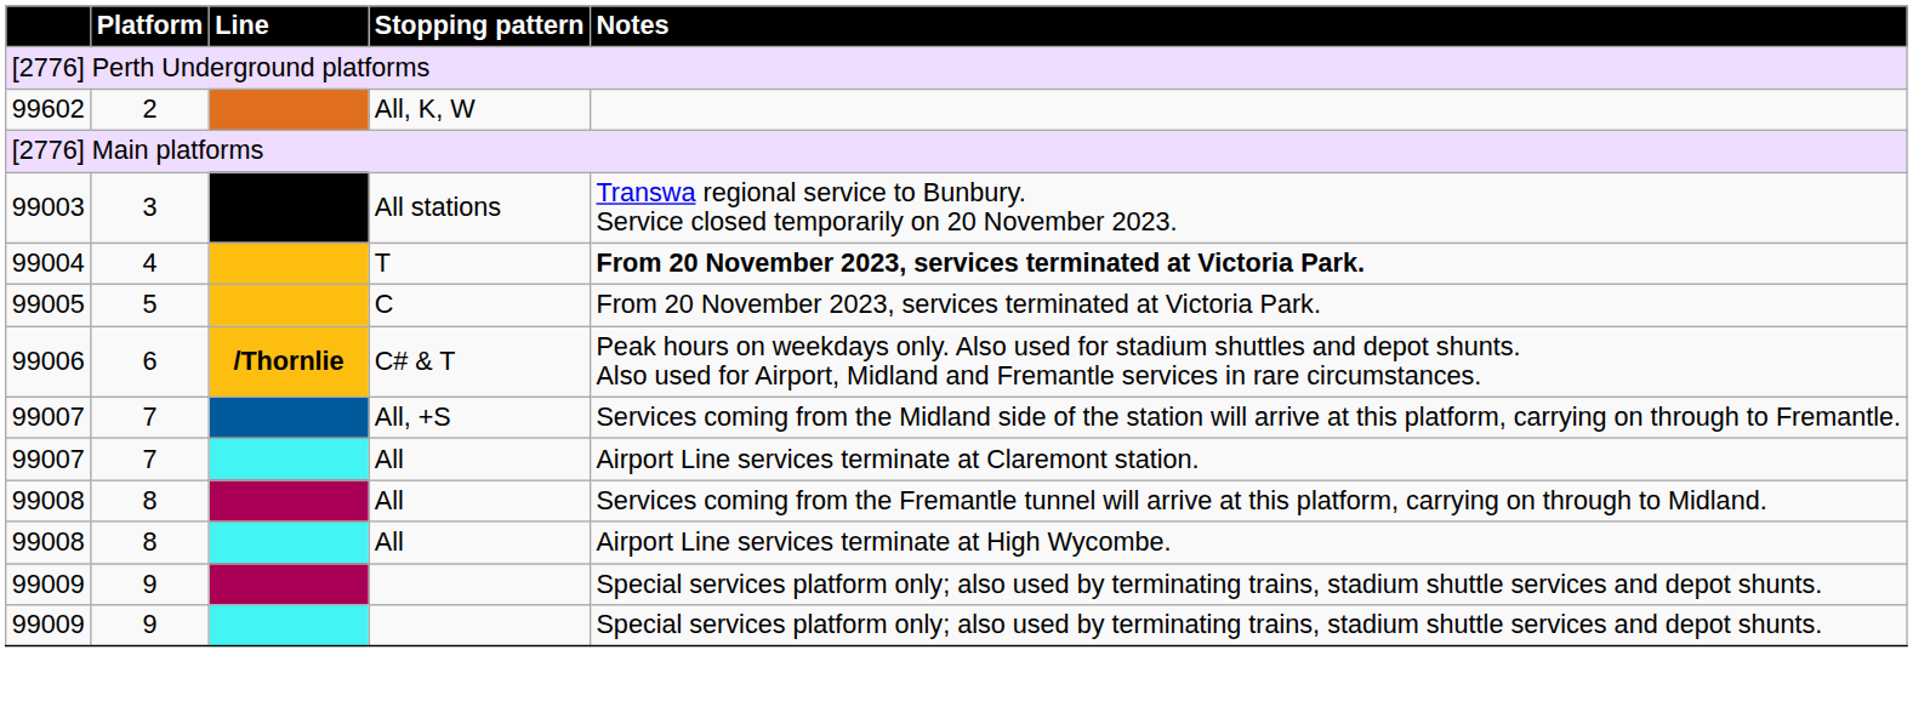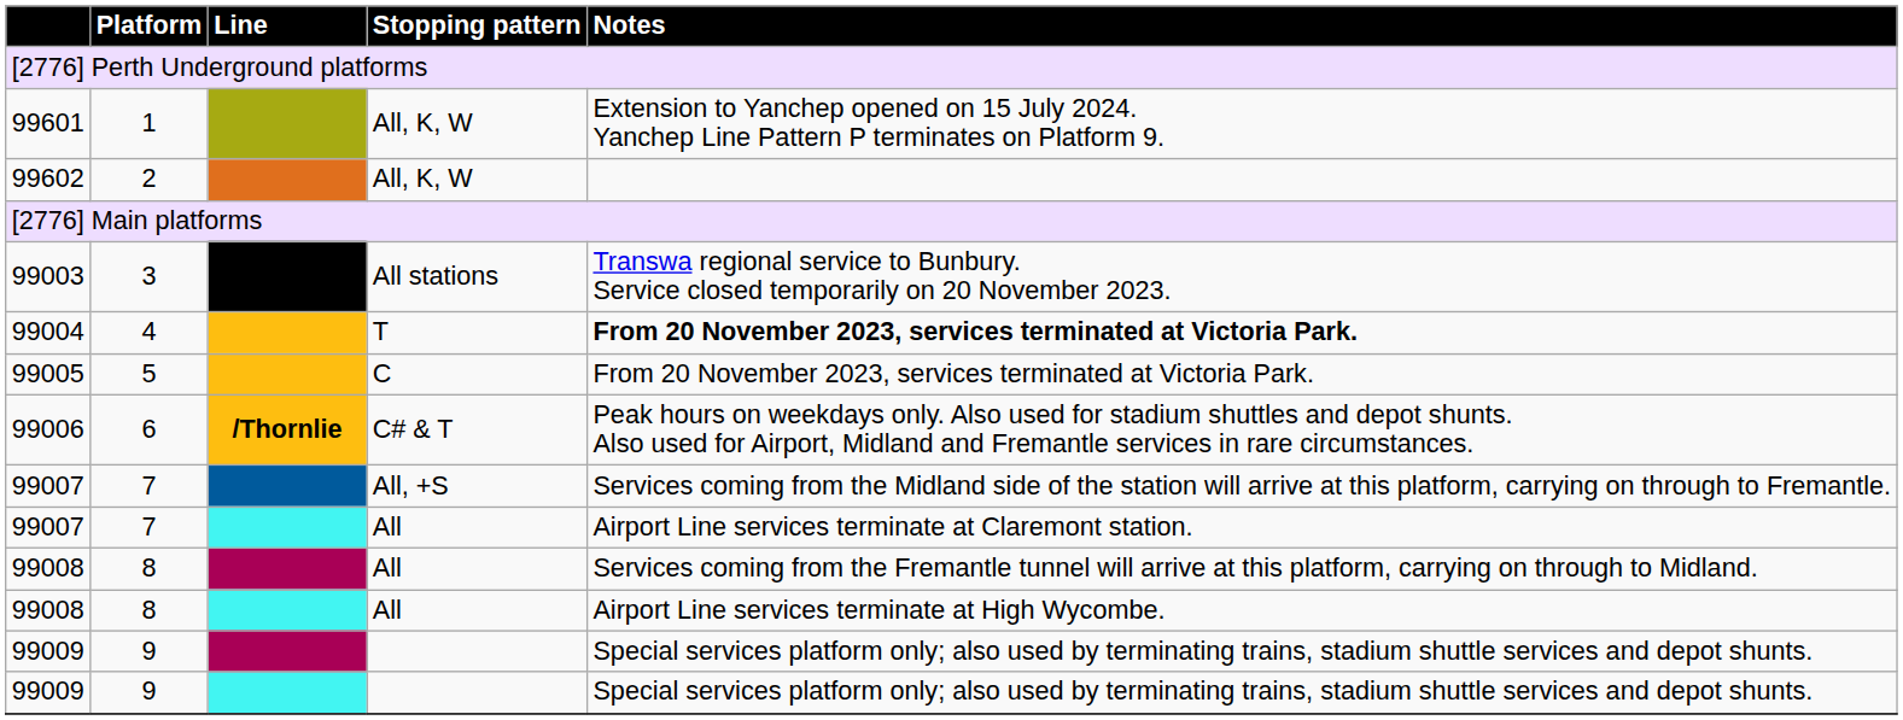 <table class="wikitable" style="float: none; margin-center: 1em; margin-bottom: 0.5em; border: black solid 1px; text-align:center;">
 <tr style="color:white;">
 <th style="background:#000000; text-align:left;"></th>
 <th style="background:#000000; text-align:left;">Platform</th>
 <th style="background:#000000; text-align:left; width:90px;">Line</th>
 <th style="background:#000000; text-align:left;">Stopping pattern</th>
 <th style="background:#000000; text-align:left;">Notes</th>
 </tr>
 <tr>
 <td colspan="5" style="background:#EDF; text-align:left;">[2776] Perth Underground platforms</td>
+</tr>
+<tr>
+<td>99601</td>
+<td>1</td>
+<td style="color:white; background:#A6AA12;"><strong><a href='#'></a></strong></td>
+<td style="text-align:left;">All, K, W</td>
+<td style="text-align:left;">Extension to Yanchep opened on 15 July 2024.<br>Yanchep Line Pattern P terminates on Platform 9.</td>
 </tr>
 <tr>
 <td>99602</td>
 <td>2</td>
 <td style="color:white; background:#E06F1D;"><strong><a href='#'></a></strong></td>
 <td style="text-align:left;">All, K, W</td>
 <td style="text-align:left;"></td>
 </tr>
 <tr>
 <td colspan="5" style="background:#EDF; text-align:left;">[2776] Main platforms</td>
 </tr>
 <tr>
 <td>99003</td>
 <td>3</td>
 <td style="color:#E0730E; background:#000000;"><strong><a href='#'></a></strong></td>
 <td style="text-align:left;">All stations</td>
 <td style="text-align:left;"><a href='#'>Transwa</a> regional service to Bunbury.<br>Service closed temporarily on 20 November 2023.</td>
 </tr>
 <tr>
 <td>99004</td>
 <td>4</td>
 <td style="color:black; background:#FEBE10;"><strong><a href='#'></a></strong></td>
 <td style="text-align:left;">T</td>
 <td style="text-align:left;"><strong>From 20 November 2023, services terminated at Victoria Park.</strong></td>
 </tr>
 <tr>
 <td>99005</td>
 <td>5</td>
 <td style="color:black; background:#FEBE10;"><strong><a href='#'></a></strong></td>
 <td style="text-align:left;">C</td>
 <td style="text-align:left;">From 20 November 2023, services terminated at Victoria Park.</td>
 </tr>
 <tr>
 <td>99006</td>
 <td>6</td>
 <td style="color:black; background:#FEBE10;"><strong><a href='#'></a>/Thornlie</strong></td>
 <td style="text-align:left;">C# & T</td>
 <td style="text-align:left;">Peak hours on weekdays only. Also used for stadium shuttles and depot shunts.<br>Also used for Airport, Midland and Fremantle services in rare circumstances.</td>
 </tr>
 <tr>
 <td>99007</td>
 <td>7</td>
 <td style="color:white; background:#005A9C;"><strong><a href='#'></a></strong></td>
 <td style="text-align:left;">All, +S</td>
 <td style="text-align:left;">Services coming from the Midland side of the station will arrive at this platform, carrying on through to Fremantle.</td>
 </tr>
 <tr>
 <td>99007</td>
 <td>7</td>
 <td style="color:white; background:#42f5f2;"><strong><a href='#'></a></strong></td>
 <td style="text-align:left;">All</td>
 <td style="text-align:left;">Airport Line services terminate at Claremont station.</td>
 </tr>
 <tr>
 <td>99008</td>
 <td>8</td>
 <td style="color:white; background:#A90056;"><strong><a href='#'></a></strong></td>
 <td style="text-align:left;">All</td>
 <td style="text-align:left;">Services coming from the Fremantle tunnel will arrive at this platform, carrying on through to Midland.</td>
 </tr>
 <tr>
 <td>99008</td>
 <td>8</td>
 <td style="color:white; background:#42f5f2;"><strong><a href='#'></a></strong></td>
 <td style="text-align:left;">All</td>
 <td style="text-align:left;">Airport Line services terminate at High Wycombe.</td>
 </tr>
 <tr>
 <td>99009</td>
 <td>9</td>
 <td style="color:white; background:#A90056;"><strong><a href='#'></a></strong></td>
 <td></td>
 <td style="text-align:left;">Special services platform only; also used by terminating trains, stadium shuttle services and depot shunts.</td>
 </tr>
 <tr>
 <td>99009</td>
 <td>9</td>
 <td style="color:white; background:#42f5f2;"><strong><a href='#'></a></strong></td>
 <td></td>
 <td style="text-align:left;">Special services platform only; also used by terminating trains, stadium shuttle services and depot shunts.</td>
 </tr>
 <tr>
 </tr>
 </table>
